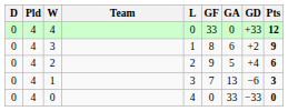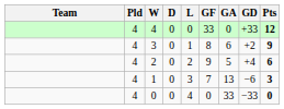 <table class="wikitable" style="text-align: center;">
 <tr>
-<th width="20">D</th>
+<th width="175">Team</th>
 <th width="20">Pld</th>
 <th width="20">W</th>
-<th width="175">Team</th>
+<th width="20">D</th>
 <th width="20">L</th>
 <th width="20">GF</th>
 <th width="20">GA</th>
 <th width="20">GD</th>
 <th width="20">Pts</th>
 </tr>
 <tr bgcolor=ccffcc>
-<td>0</td>
+<td align=left></td>
 <td>4</td>
 <td>4</td>
-<td align=left></td>
+<td>0</td>
 <td>0</td>
 <td>33</td>
 <td>0</td>
 <td>+33</td>
 <td><strong>12</strong></td>
 </tr>
 <tr>
-<td>0</td>
+<td align=left></td>
 <td>4</td>
 <td>3</td>
-<td align=left></td>
+<td>0</td>
 <td>1</td>
 <td>8</td>
 <td>6</td>
 <td>+2</td>
 <td><strong>9</strong></td>
 </tr>
 <tr>
-<td>0</td>
+<td align=left></td>
 <td>4</td>
 <td>2</td>
-<td align=left></td>
+<td>0</td>
 <td>2</td>
 <td>9</td>
 <td>5</td>
 <td>+4</td>
 <td><strong>6</strong></td>
 </tr>
 <tr>
-<td>0</td>
+<td align=left></td>
 <td>4</td>
 <td>1</td>
-<td align=left></td>
+<td>0</td>
 <td>3</td>
 <td>7</td>
 <td>13</td>
 <td>−6</td>
 <td><strong>3</strong></td>
 </tr>
 <tr>
-<td>0</td>
+<td align=left></td>
 <td>4</td>
 <td>0</td>
-<td align=left></td>
+<td>0</td>
 <td>4</td>
 <td>0</td>
 <td>33</td>
 <td>−33</td>
 <td><strong>0</strong></td>
 </tr>
 </table>
